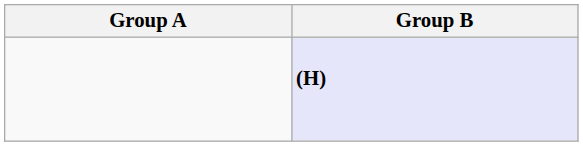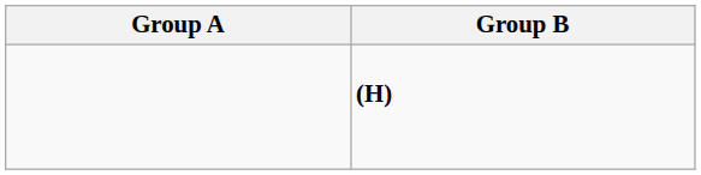 <table class=wikitable width=50%>
 <tr>
 <th width=25%>Group A</th>
 <th width=25%>Group B</th>
 </tr>
 <tr>
 <td><br><br><br><br></td>
-<td style="background: lavender;"><br> <strong>(H)</strong><br><br><br></td>
+<td><br> <strong>(H)</strong><br><br><br></td>
 </tr>
 </table>
